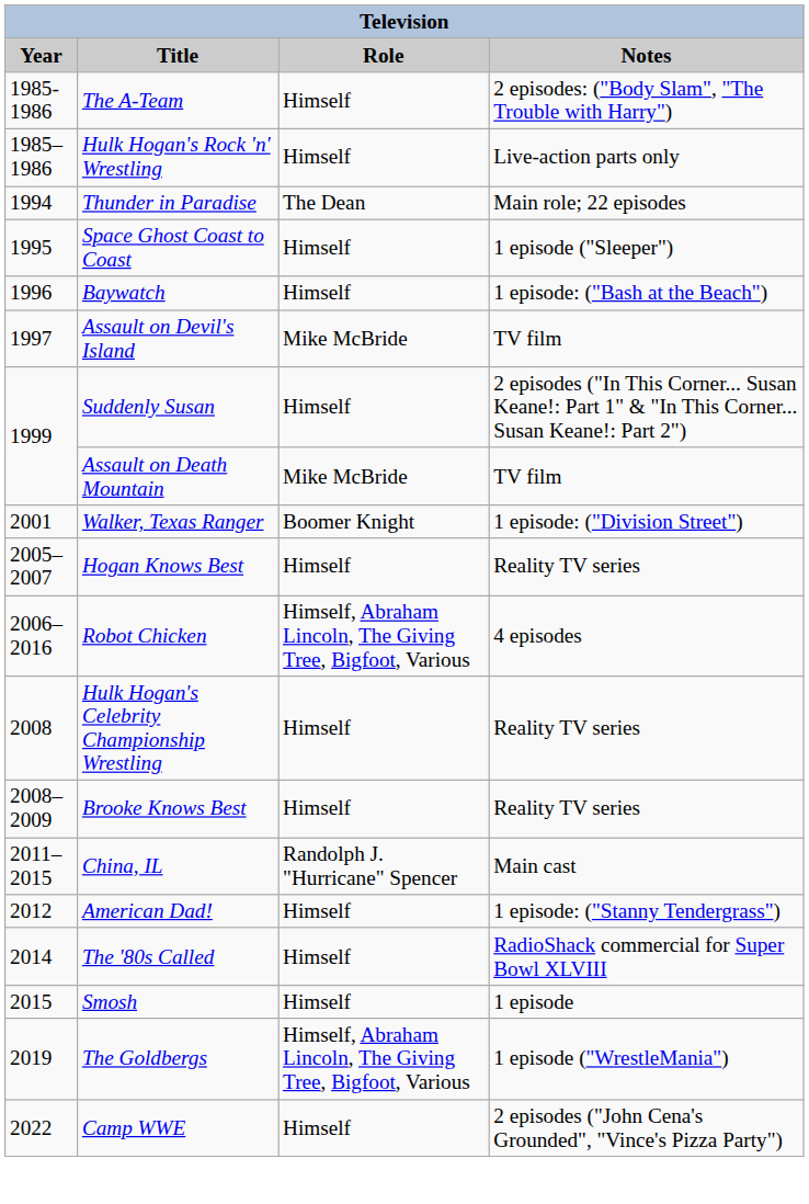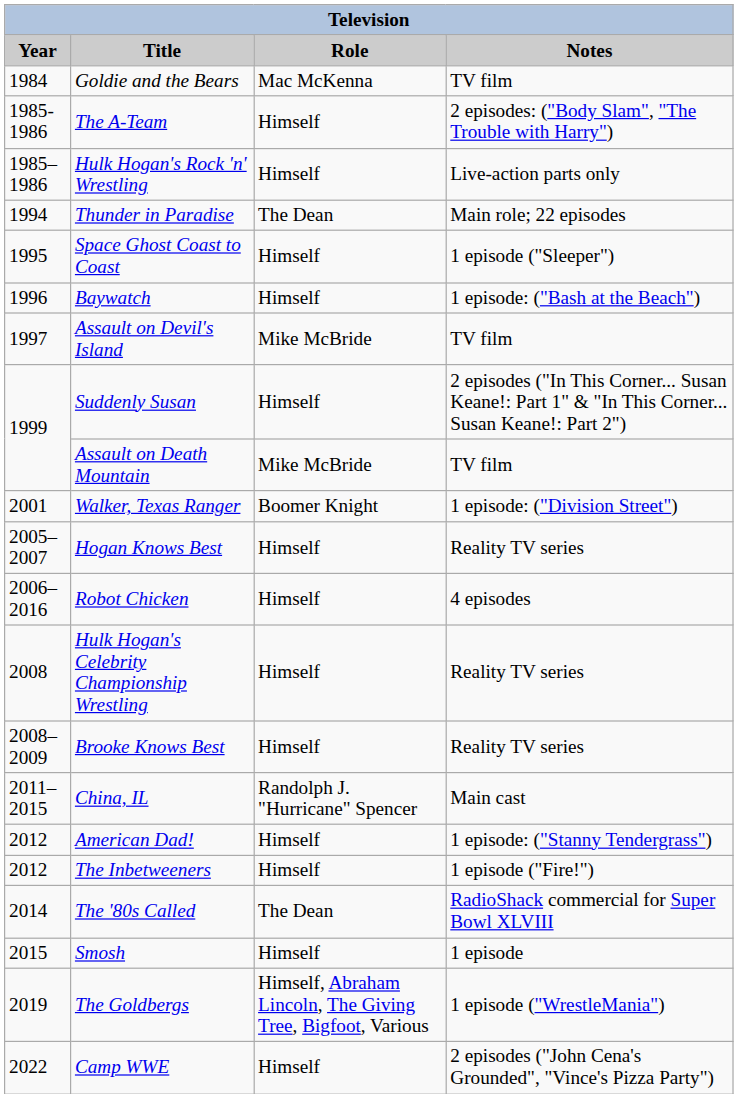 <table class="wikitable sortable">
 <tr style="text-align:center;">
 <th colspan=4 style="background:#B0C4DE;">Television</th>
 </tr>
 <tr style="text-align:center;">
 <th style="background:#ccc;">Year</th>
 <th style="background:#ccc;">Title</th>
 <th style="background:#ccc;">Role</th>
 <th style="background:#ccc;">Notes</th>
+</tr>
+<tr>
+<td>1984</td>
+<td><em>Goldie and the Bears</em></td>
+<td>Mac McKenna</td>
+<td>TV film</td>
 </tr>
 <tr>
 <td>1985-1986</td>
 <td><em><a href='#'>The A-Team</a></em></td>
 <td>Himself</td>
 <td>2 episodes: (<a href='#'>"Body Slam"</a>, <a href='#'>"The Trouble with Harry"</a>)</td>
 </tr>
 <tr>
 <td>1985–1986</td>
 <td><em><a href='#'>Hulk Hogan's Rock 'n' Wrestling</a></em></td>
 <td>Himself</td>
 <td>Live-action parts only</td>
 </tr>
 <tr>
 <td>1994</td>
 <td><em><a href='#'>Thunder in Paradise</a></em></td>
 <td>The Dean</td>
 <td>Main role; 22 episodes</td>
 </tr>
 <tr>
 <td>1995</td>
 <td><em><a href='#'>Space Ghost Coast to Coast</a></em></td>
 <td>Himself</td>
 <td>1 episode ("Sleeper")</td>
 </tr>
 <tr>
 <td>1996</td>
 <td><em><a href='#'>Baywatch</a></em></td>
 <td>Himself</td>
 <td>1 episode: (<a href='#'>"Bash at the Beach"</a>)</td>
 </tr>
 <tr>
 <td>1997</td>
 <td><em><a href='#'>Assault on Devil's Island</a></em></td>
 <td>Mike McBride</td>
 <td>TV film</td>
 </tr>
 <tr>
 <td rowspan="2">1999</td>
 <td><em><a href='#'>Suddenly Susan</a></em></td>
 <td>Himself</td>
 <td>2 episodes ("In This Corner... Susan Keane!: Part 1" & "In This Corner... Susan Keane!: Part 2")</td>
 </tr>
 <tr>
 <td><em><a href='#'>Assault on Death Mountain</a></em></td>
 <td>Mike McBride</td>
 <td>TV film</td>
 </tr>
 <tr>
 <td>2001</td>
 <td><em><a href='#'>Walker, Texas Ranger</a></em></td>
 <td>Boomer Knight</td>
 <td>1 episode: (<a href='#'>"Division Street"</a>)</td>
 </tr>
 <tr>
 <td>2005–2007</td>
 <td><em><a href='#'>Hogan Knows Best</a></em></td>
 <td>Himself</td>
 <td>Reality TV series</td>
 </tr>
 <tr>
 <td>2006–2016</td>
 <td><em><a href='#'>Robot Chicken</a></em></td>
-<td>Himself, <a href='#'>Abraham Lincoln</a>, <a href='#'>The Giving Tree</a>, <a href='#'>Bigfoot</a>, Various</td>
+<td>Himself</td>
 <td>4 episodes</td>
 </tr>
 <tr>
 <td>2008</td>
 <td><em><a href='#'>Hulk Hogan's Celebrity Championship Wrestling</a></em></td>
 <td>Himself</td>
 <td>Reality TV series</td>
 </tr>
 <tr>
 <td>2008–2009</td>
 <td><em><a href='#'>Brooke Knows Best</a></em></td>
 <td>Himself</td>
 <td>Reality TV series</td>
 </tr>
 <tr>
 <td>2011–2015</td>
 <td><em><a href='#'>China, IL</a></em></td>
 <td>Randolph J. "Hurricane" Spencer</td>
 <td>Main cast</td>
 </tr>
 <tr>
 <td>2012</td>
 <td><em><a href='#'>American Dad!</a></em></td>
 <td>Himself</td>
 <td>1 episode: (<a href='#'>"Stanny Tendergrass"</a>)</td>
 </tr>
 <tr>
+<td>2012</td>
+<td><em><a href='#'>The Inbetweeners</a></em></td>
+<td>Himself</td>
+<td>1 episode ("Fire!")</td>
+</tr>
+<tr>
 <td>2014</td>
 <td><em><a href='#'>The '80s Called</a></em></td>
-<td>Himself</td>
+<td>The Dean</td>
 <td><a href='#'>RadioShack</a> commercial for <a href='#'>Super Bowl XLVIII</a></td>
 </tr>
 <tr>
 <td>2015</td>
 <td><em><a href='#'>Smosh</a></em></td>
 <td>Himself</td>
 <td>1 episode</td>
 </tr>
 <tr>
 <td>2019</td>
 <td><em><a href='#'>The Goldbergs</a></em></td>
 <td>Himself, <a href='#'>Abraham Lincoln</a>, <a href='#'>The Giving Tree</a>, <a href='#'>Bigfoot</a>, Various</td>
 <td>1 episode (<a href='#'>"WrestleMania"</a>)</td>
 </tr>
 <tr>
 <td>2022</td>
 <td><em><a href='#'>Camp WWE</a></em></td>
 <td>Himself</td>
 <td>2 episodes ("John Cena's Grounded", "Vince's Pizza Party")</td>
 </tr>
 </table>
